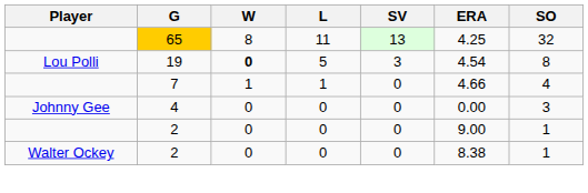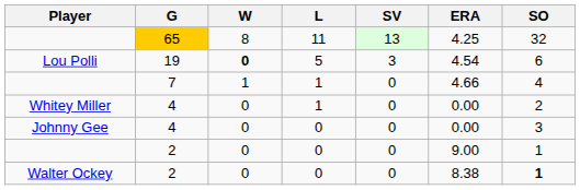 <table class="wikitable sortable">
 <tr>
 <th bgcolor="#DDDDFF" width="16%">Player</th>
 <th bgcolor="#DDDDFF" width="9%">G</th>
 <th bgcolor="#DDDDFF" width="9%">W</th>
 <th bgcolor="#DDDDFF" width="9%">L</th>
 <th bgcolor="#DDDDFF" width="9%">SV</th>
 <th bgcolor="#DDDDFF" width="9%">ERA</th>
 <th bgcolor="#DDDDFF" width="9%">SO</th>
 </tr>
 <tr align="center">
 <td></td>
 <td style="background:#fc0;">65</td>
 <td>8</td>
 <td>11</td>
 <td style="background:#DDFFDD;">13</td>
 <td>4.25</td>
 <td>32</td>
 </tr>
 <tr align="center">
 <td><a href='#'>Lou Polli</a></td>
 <td>19</td>
 <td><strong>0</strong></td>
 <td>5</td>
 <td>3</td>
 <td>4.54</td>
-<td>8</td>
+<td>6</td>
 </tr>
 <tr align=center>
 <td></td>
 <td>7</td>
 <td>1</td>
 <td>1</td>
 <td>0</td>
 <td>4.66</td>
 <td>4</td>
+</tr>
+<tr align="center">
+<td><a href='#'>Whitey Miller</a></td>
+<td>4</td>
+<td>0</td>
+<td>1</td>
+<td>0</td>
+<td>0.00</td>
+<td>2</td>
 </tr>
 <tr align=center>
 <td><a href='#'>Johnny Gee</a></td>
 <td>4</td>
 <td>0</td>
 <td>0</td>
 <td>0</td>
 <td>0.00</td>
 <td>3</td>
 </tr>
 <tr align=center>
 <td></td>
 <td>2</td>
 <td>0</td>
 <td>0</td>
 <td>0</td>
 <td>9.00</td>
 <td>1</td>
 </tr>
 <tr align="center">
 <td><a href='#'>Walter Ockey</a></td>
 <td>2</td>
 <td>0</td>
 <td>0</td>
 <td>0</td>
 <td>8.38</td>
-<td>1</td>
+<td><strong>1</strong></td>
 </tr>
 </table>
